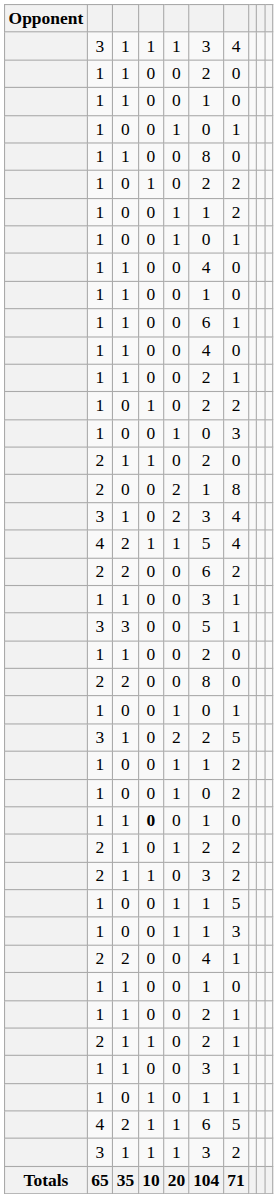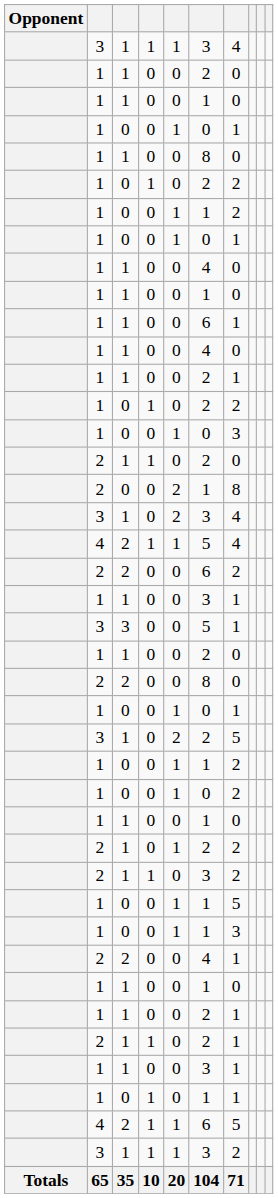 <table class="wikitable sortable plainrowheaders" style="text-align:center">
 <tr>
 <th scope=col>Opponent</th>
 <th scope=col></th>
 <th scope=col></th>
 <th scope=col></th>
 <th scope=col></th>
 <th scope=col></th>
 <th scope=col></th>
 <th scope=col></th>
 <th scope=col></th>
 <th scope=col></th>
 </tr>
 <tr>
 <th scope=row style="text-align:left;"></th>
 <td>3</td>
 <td>1</td>
 <td>1</td>
 <td>1</td>
 <td>3</td>
 <td>4</td>
 <td></td>
 <td></td>
 <td></td>
 </tr>
 <tr>
 <th scope=row style="text-align:left;"></th>
 <td>1</td>
 <td>1</td>
 <td>0</td>
 <td>0</td>
 <td>2</td>
 <td>0</td>
 <td></td>
 <td></td>
 <td></td>
 </tr>
 <tr>
 <th scope=row style="text-align:left;"></th>
 <td>1</td>
 <td>1</td>
 <td>0</td>
 <td>0</td>
 <td>1</td>
 <td>0</td>
 <td></td>
 <td></td>
 <td></td>
 </tr>
 <tr>
 <th scope=row style="text-align:left;"></th>
 <td>1</td>
 <td>0</td>
 <td>0</td>
 <td>1</td>
 <td>0</td>
 <td>1</td>
 <td></td>
 <td></td>
 <td></td>
 </tr>
 <tr>
 <th scope=row style="text-align:left;"></th>
 <td>1</td>
 <td>1</td>
 <td>0</td>
 <td>0</td>
 <td>8</td>
 <td>0</td>
 <td></td>
 <td></td>
 <td></td>
 </tr>
 <tr>
 <th scope=row style="text-align:left;"></th>
 <td>1</td>
 <td>0</td>
 <td>1</td>
 <td>0</td>
 <td>2</td>
 <td>2</td>
 <td></td>
 <td></td>
 <td></td>
 </tr>
 <tr>
 <th scope=row style="text-align:left;"></th>
 <td>1</td>
 <td>0</td>
 <td>0</td>
 <td>1</td>
 <td>1</td>
 <td>2</td>
 <td></td>
 <td></td>
 <td></td>
 </tr>
 <tr>
 <th scope=row style="text-align:left;"></th>
 <td>1</td>
 <td>0</td>
 <td>0</td>
 <td>1</td>
 <td>0</td>
 <td>1</td>
 <td></td>
 <td></td>
 <td></td>
 </tr>
 <tr>
 <th scope=row style="text-align:left;"></th>
 <td>1</td>
 <td>1</td>
 <td>0</td>
 <td>0</td>
 <td>4</td>
 <td>0</td>
 <td></td>
 <td></td>
 <td></td>
 </tr>
 <tr>
 <th scope=row style="text-align:left;"></th>
 <td>1</td>
 <td>1</td>
 <td>0</td>
 <td>0</td>
 <td>1</td>
 <td>0</td>
 <td></td>
 <td></td>
 <td></td>
 </tr>
 <tr>
 <th scope=row style="text-align:left;"></th>
 <td>1</td>
 <td>1</td>
 <td>0</td>
 <td>0</td>
 <td>6</td>
 <td>1</td>
 <td></td>
 <td></td>
 <td></td>
 </tr>
 <tr>
 <th scope=row style="text-align:left;"></th>
 <td>1</td>
 <td>1</td>
 <td>0</td>
 <td>0</td>
 <td>4</td>
 <td>0</td>
 <td></td>
 <td></td>
 <td></td>
 </tr>
 <tr>
 <th scope=row style="text-align:left;"></th>
 <td>1</td>
 <td>1</td>
 <td>0</td>
 <td>0</td>
 <td>2</td>
 <td>1</td>
 <td></td>
 <td></td>
 <td></td>
 </tr>
 <tr>
 <th scope=row style="text-align:left;"></th>
 <td>1</td>
 <td>0</td>
 <td>1</td>
 <td>0</td>
 <td>2</td>
 <td>2</td>
 <td></td>
 <td></td>
 <td></td>
 </tr>
 <tr>
 <th scope=row style="text-align:left;"></th>
 <td>1</td>
 <td>0</td>
 <td>0</td>
 <td>1</td>
 <td>0</td>
 <td>3</td>
 <td></td>
 <td></td>
 <td></td>
 </tr>
 <tr>
 <th scope=row style="text-align:left;"></th>
 <td>2</td>
 <td>1</td>
 <td>1</td>
 <td>0</td>
 <td>2</td>
 <td>0</td>
 <td></td>
 <td></td>
 <td></td>
 </tr>
 <tr>
 <th scope=row style="text-align:left;"></th>
 <td>2</td>
 <td>0</td>
 <td>0</td>
 <td>2</td>
 <td>1</td>
 <td>8</td>
 <td></td>
 <td></td>
 <td></td>
 </tr>
 <tr>
 <th scope=row style="text-align:left;"></th>
 <td>3</td>
 <td>1</td>
 <td>0</td>
 <td>2</td>
 <td>3</td>
 <td>4</td>
 <td></td>
 <td></td>
 <td></td>
 </tr>
 <tr>
 <th scope=row style="text-align:left;"></th>
 <td>4</td>
 <td>2</td>
 <td>1</td>
 <td>1</td>
 <td>5</td>
 <td>4</td>
 <td></td>
 <td></td>
 <td></td>
 </tr>
 <tr>
 <th scope=row style="text-align:left;"></th>
 <td>2</td>
 <td>2</td>
 <td>0</td>
 <td>0</td>
 <td>6</td>
 <td>2</td>
 <td></td>
 <td></td>
 <td></td>
 </tr>
 <tr>
 <th scope=row style="text-align:left;"></th>
 <td>1</td>
 <td>1</td>
 <td>0</td>
 <td>0</td>
 <td>3</td>
 <td>1</td>
 <td></td>
 <td></td>
 <td></td>
 </tr>
 <tr>
 <th scope=row style="text-align:left;"></th>
 <td>3</td>
 <td>3</td>
 <td>0</td>
 <td>0</td>
 <td>5</td>
 <td>1</td>
 <td></td>
 <td></td>
 <td></td>
 </tr>
 <tr>
 <th scope=row style="text-align:left;"></th>
 <td>1</td>
 <td>1</td>
 <td>0</td>
 <td>0</td>
 <td>2</td>
 <td>0</td>
 <td></td>
 <td></td>
 <td></td>
 </tr>
 <tr>
 <th scope=row style="text-align:left;"></th>
 <td>2</td>
 <td>2</td>
 <td>0</td>
 <td>0</td>
 <td>8</td>
 <td>0</td>
 <td></td>
 <td></td>
 <td></td>
 </tr>
 <tr>
 <th scope=row style="text-align:left;"></th>
 <td>1</td>
 <td>0</td>
 <td>0</td>
 <td>1</td>
 <td>0</td>
 <td>1</td>
 <td></td>
 <td></td>
 <td></td>
 </tr>
 <tr>
 <th scope=row style="text-align:left;"></th>
 <td>3</td>
 <td>1</td>
 <td>0</td>
 <td>2</td>
 <td>2</td>
 <td>5</td>
 <td></td>
 <td></td>
 <td></td>
 </tr>
 <tr>
 <th scope=row style="text-align:left;"></th>
 <td>1</td>
 <td>0</td>
 <td>0</td>
 <td>1</td>
 <td>1</td>
 <td>2</td>
 <td></td>
 <td></td>
 <td></td>
 </tr>
 <tr>
 <th scope=row style="text-align:left;"></th>
 <td>1</td>
 <td>0</td>
 <td>0</td>
 <td>1</td>
 <td>0</td>
 <td>2</td>
 <td></td>
 <td></td>
 <td></td>
 </tr>
 <tr>
 <th scope=row style="text-align:left;"></th>
 <td>1</td>
 <td>1</td>
-<td><strong>0</strong></td>
+<td>0</td>
 <td>0</td>
 <td>1</td>
 <td>0</td>
 <td></td>
 <td></td>
 <td></td>
 </tr>
 <tr>
 <th scope=row style="text-align:left;"></th>
 <td>2</td>
 <td>1</td>
 <td>0</td>
 <td>1</td>
 <td>2</td>
 <td>2</td>
 <td></td>
 <td></td>
 <td></td>
 </tr>
 <tr>
 <th scope=row style="text-align:left;"></th>
 <td>2</td>
 <td>1</td>
 <td>1</td>
 <td>0</td>
 <td>3</td>
 <td>2</td>
 <td></td>
 <td></td>
 <td></td>
 </tr>
 <tr>
 <th scope=row style="text-align:left;"></th>
 <td>1</td>
 <td>0</td>
 <td>0</td>
 <td>1</td>
 <td>1</td>
 <td>5</td>
 <td></td>
 <td></td>
 <td></td>
 </tr>
 <tr>
 <th scope=row style="text-align:left;"></th>
 <td>1</td>
 <td>0</td>
 <td>0</td>
 <td>1</td>
 <td>1</td>
 <td>3</td>
 <td></td>
 <td></td>
 <td></td>
 </tr>
 <tr>
 <th scope=row style="text-align:left;"></th>
 <td>2</td>
 <td>2</td>
 <td>0</td>
 <td>0</td>
 <td>4</td>
 <td>1</td>
 <td></td>
 <td></td>
 <td></td>
 </tr>
 <tr>
 <th scope=row style="text-align:left;"></th>
 <td>1</td>
 <td>1</td>
 <td>0</td>
 <td>0</td>
 <td>1</td>
 <td>0</td>
 <td></td>
 <td></td>
 <td></td>
 </tr>
 <tr>
 <th scope=row style="text-align:left;"></th>
 <td>1</td>
 <td>1</td>
 <td>0</td>
 <td>0</td>
 <td>2</td>
 <td>1</td>
 <td></td>
 <td></td>
 <td></td>
 </tr>
 <tr>
 <th scope=row style="text-align:left;"></th>
 <td>2</td>
 <td>1</td>
 <td>1</td>
 <td>0</td>
 <td>2</td>
 <td>1</td>
 <td></td>
 <td></td>
 <td></td>
 </tr>
 <tr>
 <th scope=row style="text-align:left;"></th>
 <td>1</td>
 <td>1</td>
 <td>0</td>
 <td>0</td>
 <td>3</td>
 <td>1</td>
 <td></td>
 <td></td>
 <td></td>
 </tr>
 <tr>
 <th scope=row style="text-align:left;"></th>
 <td>1</td>
 <td>0</td>
 <td>1</td>
 <td>0</td>
 <td>1</td>
 <td>1</td>
 <td></td>
 <td></td>
 <td></td>
 </tr>
 <tr>
 <th scope=row style="text-align:left;"></th>
 <td>4</td>
 <td>2</td>
 <td>1</td>
 <td>1</td>
 <td>6</td>
 <td>5</td>
 <td></td>
 <td></td>
 <td></td>
 </tr>
 <tr>
 <th scope=row style="text-align:left;"></th>
 <td>3</td>
 <td>1</td>
 <td>1</td>
 <td>1</td>
 <td>3</td>
 <td>2</td>
 <td></td>
 <td></td>
 <td></td>
 </tr>
 <tr class="sortbottom">
 <th>Totals</th>
 <th>65</th>
 <th>35</th>
 <th>10</th>
 <th>20</th>
 <th>104</th>
 <th>71</th>
 <th></th>
 <th></th>
 <th></th>
 </tr>
 </table>
